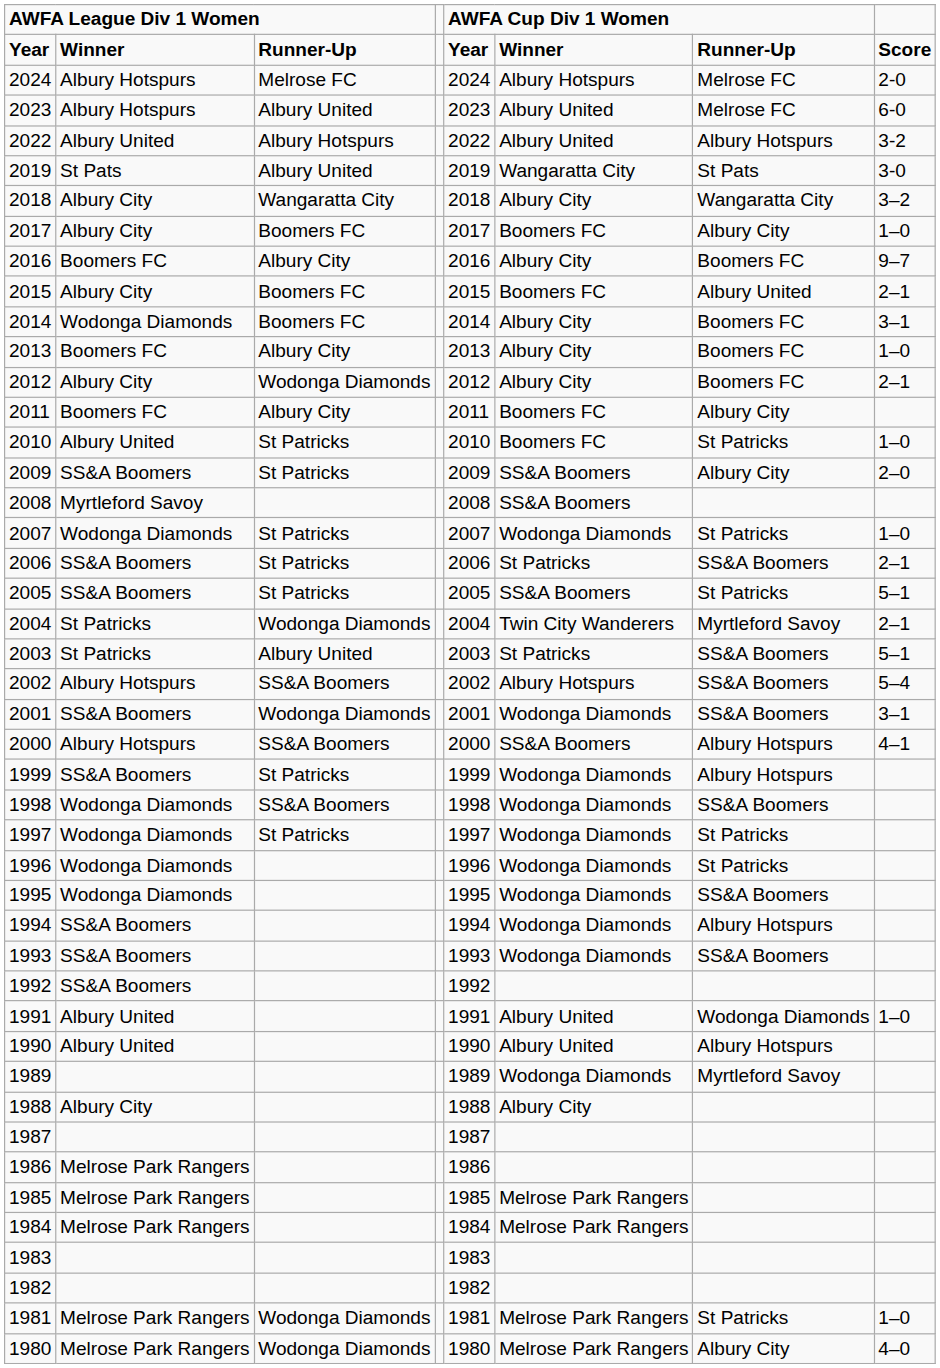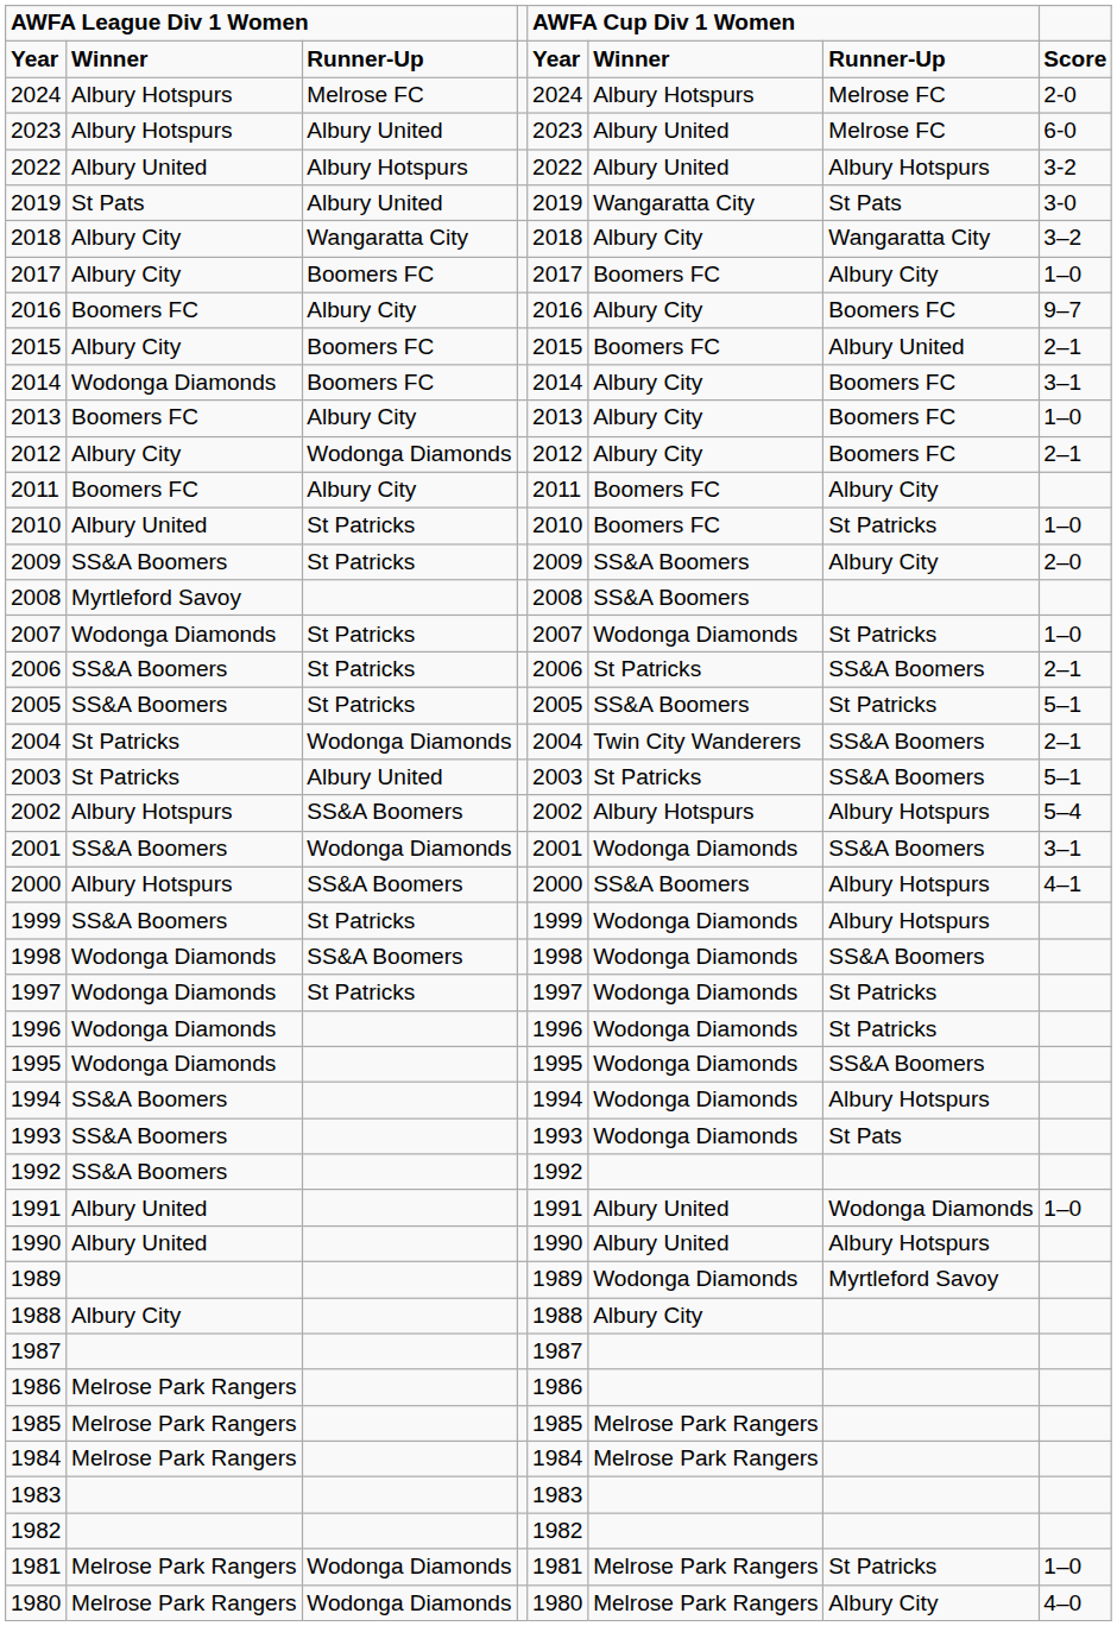 <table class="wikitable mw-collapsible mw-collapsed">
 <tr>
 <td colspan="3"><strong>AWFA League Div 1 Women</strong></td>
 <td></td>
 <td colspan="3"><strong>AWFA Cup Div 1 Women</strong></td>
 <td></td>
 </tr>
 <tr>
 <td><strong>Year</strong></td>
 <td><strong>Winner</strong></td>
 <td><strong>Runner-Up</strong></td>
 <td></td>
 <td><strong>Year</strong></td>
 <td><strong>Winner</strong></td>
 <td><strong>Runner-Up</strong></td>
 <td><strong>Score</strong></td>
 </tr>
 <tr>
 <td>2024</td>
 <td>Albury Hotspurs</td>
 <td>Melrose FC</td>
 <td></td>
 <td>2024</td>
 <td>Albury Hotspurs</td>
 <td>Melrose FC</td>
 <td>2-0</td>
 </tr>
 <tr>
 <td>2023</td>
 <td>Albury Hotspurs</td>
 <td>Albury United</td>
 <td></td>
 <td>2023</td>
 <td>Albury United</td>
 <td>Melrose FC</td>
 <td>6-0</td>
 </tr>
 <tr>
 <td>2022</td>
 <td>Albury United</td>
 <td>Albury Hotspurs</td>
 <td></td>
 <td>2022</td>
 <td>Albury United</td>
 <td>Albury Hotspurs</td>
 <td>3-2</td>
 </tr>
 <tr>
 <td>2019</td>
 <td>St Pats</td>
 <td>Albury United</td>
 <td></td>
 <td>2019</td>
 <td>Wangaratta City</td>
 <td>St Pats</td>
 <td>3-0</td>
 </tr>
 <tr>
 <td>2018</td>
 <td>Albury City</td>
 <td>Wangaratta City</td>
 <td></td>
 <td>2018</td>
 <td>Albury City</td>
 <td>Wangaratta City</td>
 <td>3–2</td>
 </tr>
 <tr>
 <td>2017</td>
 <td>Albury City</td>
 <td>Boomers FC</td>
 <td></td>
 <td>2017</td>
 <td>Boomers FC</td>
 <td>Albury City</td>
 <td>1–0</td>
 </tr>
 <tr>
 <td>2016</td>
 <td>Boomers FC</td>
 <td>Albury City</td>
 <td></td>
 <td>2016</td>
 <td>Albury City</td>
 <td>Boomers FC</td>
 <td>9–7</td>
 </tr>
 <tr>
 <td>2015</td>
 <td>Albury City</td>
 <td>Boomers FC</td>
 <td></td>
 <td>2015</td>
 <td>Boomers FC</td>
 <td>Albury United</td>
 <td>2–1</td>
 </tr>
 <tr>
 <td>2014</td>
 <td>Wodonga Diamonds</td>
 <td>Boomers FC</td>
 <td></td>
 <td>2014</td>
 <td>Albury City</td>
 <td>Boomers FC</td>
 <td>3–1</td>
 </tr>
 <tr>
 <td>2013</td>
 <td>Boomers FC</td>
 <td>Albury City</td>
 <td></td>
 <td>2013</td>
 <td>Albury City</td>
 <td>Boomers FC</td>
 <td>1–0</td>
 </tr>
 <tr>
 <td>2012</td>
 <td>Albury City</td>
 <td>Wodonga Diamonds</td>
 <td></td>
 <td>2012</td>
 <td>Albury City</td>
 <td>Boomers FC</td>
 <td>2–1</td>
 </tr>
 <tr>
 <td>2011</td>
 <td>Boomers FC</td>
 <td>Albury City</td>
 <td></td>
 <td>2011</td>
 <td>Boomers FC</td>
 <td>Albury City</td>
 <td></td>
 </tr>
 <tr>
 <td>2010</td>
 <td>Albury United</td>
 <td>St Patricks</td>
 <td></td>
 <td>2010</td>
 <td>Boomers FC</td>
 <td>St Patricks</td>
 <td>1–0</td>
 </tr>
 <tr>
 <td>2009</td>
 <td>SS&A Boomers</td>
 <td>St Patricks</td>
 <td></td>
 <td>2009</td>
 <td>SS&A Boomers</td>
 <td>Albury City</td>
 <td>2–0</td>
 </tr>
 <tr>
 <td>2008</td>
 <td>Myrtleford Savoy</td>
 <td></td>
 <td></td>
 <td>2008</td>
 <td>SS&A Boomers</td>
 <td></td>
 <td></td>
 </tr>
 <tr>
 <td>2007</td>
 <td>Wodonga Diamonds</td>
 <td>St Patricks</td>
 <td></td>
 <td>2007</td>
 <td>Wodonga Diamonds</td>
 <td>St Patricks</td>
 <td>1–0</td>
 </tr>
 <tr>
 <td>2006</td>
 <td>SS&A Boomers</td>
 <td>St Patricks</td>
 <td></td>
 <td>2006</td>
 <td>St Patricks</td>
 <td>SS&A Boomers</td>
 <td>2–1</td>
 </tr>
 <tr>
 <td>2005</td>
 <td>SS&A Boomers</td>
 <td>St Patricks</td>
 <td></td>
 <td>2005</td>
 <td>SS&A Boomers</td>
 <td>St Patricks</td>
 <td>5–1</td>
 </tr>
 <tr>
 <td>2004</td>
 <td>St Patricks</td>
 <td>Wodonga Diamonds</td>
 <td></td>
 <td>2004</td>
 <td>Twin City Wanderers</td>
-<td>Myrtleford Savoy</td>
+<td>SS&A Boomers</td>
 <td>2–1</td>
 </tr>
 <tr>
 <td>2003</td>
 <td>St Patricks</td>
 <td>Albury United</td>
 <td></td>
 <td>2003</td>
 <td>St Patricks</td>
 <td>SS&A Boomers</td>
 <td>5–1</td>
 </tr>
 <tr>
 <td>2002</td>
 <td>Albury Hotspurs</td>
 <td>SS&A Boomers</td>
 <td></td>
 <td>2002</td>
 <td>Albury Hotspurs</td>
-<td>SS&A Boomers</td>
+<td>Albury Hotspurs</td>
 <td>5–4</td>
 </tr>
 <tr>
 <td>2001</td>
 <td>SS&A Boomers</td>
 <td>Wodonga Diamonds</td>
 <td></td>
 <td>2001</td>
 <td>Wodonga Diamonds</td>
 <td>SS&A Boomers</td>
 <td>3–1</td>
 </tr>
 <tr>
 <td>2000</td>
 <td>Albury Hotspurs</td>
 <td>SS&A Boomers</td>
 <td></td>
 <td>2000</td>
 <td>SS&A Boomers</td>
 <td>Albury Hotspurs</td>
 <td>4–1</td>
 </tr>
 <tr>
 <td>1999</td>
 <td>SS&A Boomers</td>
 <td>St Patricks</td>
 <td></td>
 <td>1999</td>
 <td>Wodonga Diamonds</td>
 <td>Albury Hotspurs</td>
 <td></td>
 </tr>
 <tr>
 <td>1998</td>
 <td>Wodonga Diamonds</td>
 <td>SS&A Boomers</td>
 <td></td>
 <td>1998</td>
 <td>Wodonga Diamonds</td>
 <td>SS&A Boomers</td>
 <td></td>
 </tr>
 <tr>
 <td>1997</td>
 <td>Wodonga Diamonds</td>
 <td>St Patricks</td>
 <td></td>
 <td>1997</td>
 <td>Wodonga Diamonds</td>
 <td>St Patricks</td>
 <td></td>
 </tr>
 <tr>
 <td>1996</td>
 <td>Wodonga Diamonds</td>
 <td></td>
 <td></td>
 <td>1996</td>
 <td>Wodonga Diamonds</td>
 <td>St Patricks</td>
 <td></td>
 </tr>
 <tr>
 <td>1995</td>
 <td>Wodonga Diamonds</td>
 <td></td>
 <td></td>
 <td>1995</td>
 <td>Wodonga Diamonds</td>
 <td>SS&A Boomers</td>
 <td></td>
 </tr>
 <tr>
 <td>1994</td>
 <td>SS&A Boomers</td>
 <td></td>
 <td></td>
 <td>1994</td>
 <td>Wodonga Diamonds</td>
 <td>Albury Hotspurs</td>
 <td></td>
 </tr>
 <tr>
 <td>1993</td>
 <td>SS&A Boomers</td>
 <td></td>
 <td></td>
 <td>1993</td>
 <td>Wodonga Diamonds</td>
-<td>SS&A Boomers</td>
+<td>St Pats</td>
 <td></td>
 </tr>
 <tr>
 <td>1992</td>
 <td>SS&A Boomers</td>
 <td></td>
 <td></td>
 <td>1992</td>
 <td></td>
 <td></td>
 <td></td>
 </tr>
 <tr>
 <td>1991</td>
 <td>Albury United</td>
 <td></td>
 <td></td>
 <td>1991</td>
 <td>Albury United</td>
 <td>Wodonga Diamonds</td>
 <td>1–0</td>
 </tr>
 <tr>
 <td>1990</td>
 <td>Albury United</td>
 <td></td>
 <td></td>
 <td>1990</td>
 <td>Albury United</td>
 <td>Albury Hotspurs</td>
 <td></td>
 </tr>
 <tr>
 <td>1989</td>
 <td></td>
 <td></td>
 <td></td>
 <td>1989</td>
 <td>Wodonga Diamonds</td>
 <td>Myrtleford Savoy</td>
 <td></td>
 </tr>
 <tr>
 <td>1988</td>
 <td>Albury City</td>
 <td></td>
 <td></td>
 <td>1988</td>
 <td>Albury City</td>
 <td></td>
 <td></td>
 </tr>
 <tr>
 <td>1987</td>
 <td></td>
 <td></td>
 <td></td>
 <td>1987</td>
 <td></td>
 <td></td>
 <td></td>
 </tr>
 <tr>
 <td>1986</td>
 <td>Melrose Park Rangers</td>
 <td></td>
 <td></td>
 <td>1986</td>
 <td></td>
 <td></td>
 <td></td>
 </tr>
 <tr>
 <td>1985</td>
 <td>Melrose Park Rangers</td>
 <td></td>
 <td></td>
 <td>1985</td>
 <td>Melrose Park Rangers</td>
 <td></td>
 <td></td>
 </tr>
 <tr>
 <td>1984</td>
 <td>Melrose Park Rangers</td>
 <td></td>
 <td></td>
 <td>1984</td>
 <td>Melrose Park Rangers</td>
 <td></td>
 <td></td>
 </tr>
 <tr>
 <td>1983</td>
 <td></td>
 <td></td>
 <td></td>
 <td>1983</td>
 <td></td>
 <td></td>
 <td></td>
 </tr>
 <tr>
 <td>1982</td>
 <td></td>
 <td></td>
 <td></td>
 <td>1982</td>
 <td></td>
 <td></td>
 <td></td>
 </tr>
 <tr>
 <td>1981</td>
 <td>Melrose Park Rangers</td>
 <td>Wodonga Diamonds</td>
 <td></td>
 <td>1981</td>
 <td>Melrose Park Rangers</td>
 <td>St Patricks</td>
 <td>1–0</td>
 </tr>
 <tr>
 <td>1980</td>
 <td>Melrose Park Rangers</td>
 <td>Wodonga Diamonds</td>
 <td></td>
 <td>1980</td>
 <td>Melrose Park Rangers</td>
 <td>Albury City</td>
 <td>4–0</td>
 </tr>
 </table>
